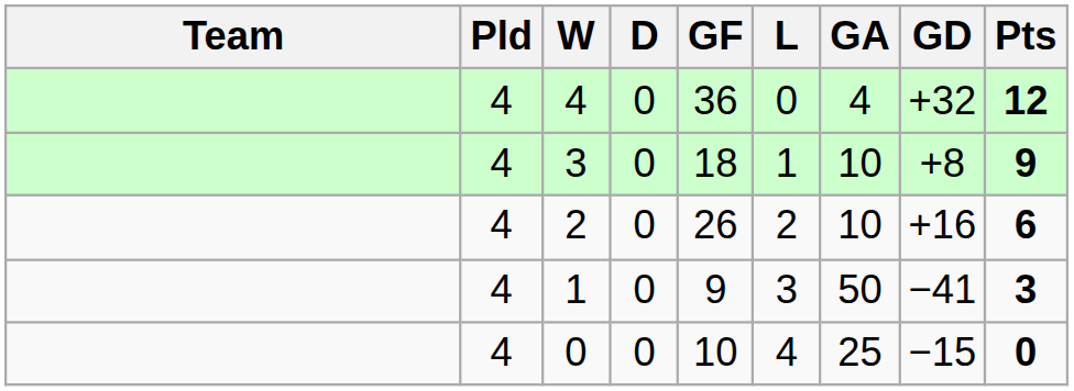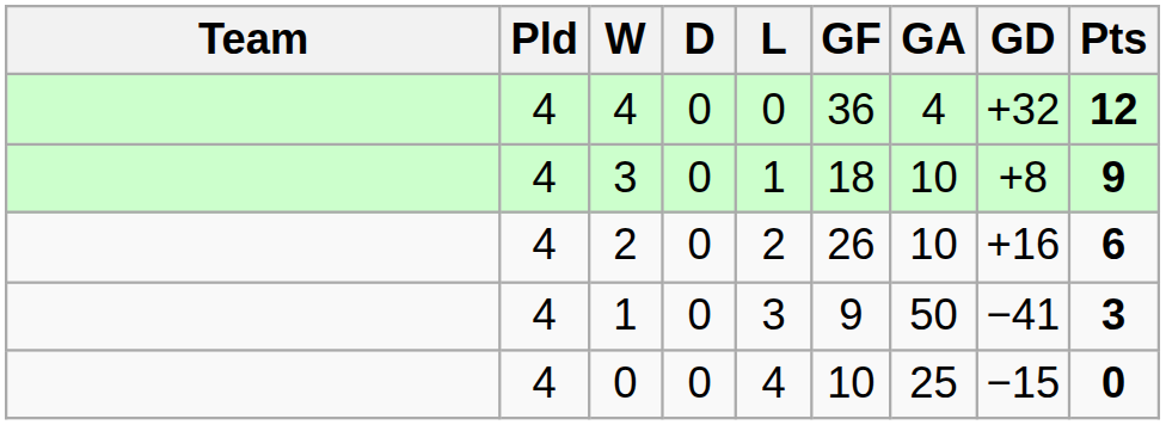 <table class="wikitable" style="text-align: center;">
 <tr>
 <th width="175">Team</th>
 <th width="20">Pld</th>
 <th width="20">W</th>
 <th width="20">D</th>
+<th width="20">L</th>
 <th width="20">GF</th>
-<th width="20">L</th>
 <th width="20">GA</th>
 <th width="20">GD</th>
 <th width="20">Pts</th>
 </tr>
 <tr bgcolor="#ccffcc">
 <td align=left></td>
 <td>4</td>
 <td>4</td>
 <td>0</td>
+<td>0</td>
 <td>36</td>
-<td>0</td>
 <td>4</td>
 <td>+32</td>
 <td><strong>12</strong></td>
 </tr>
 <tr bgcolor="#ccffcc">
 <td align=left></td>
 <td>4</td>
 <td>3</td>
 <td>0</td>
+<td>1</td>
 <td>18</td>
-<td>1</td>
 <td>10</td>
 <td>+8</td>
 <td><strong>9</strong></td>
 </tr>
 <tr>
 <td align=left></td>
 <td>4</td>
 <td>2</td>
 <td>0</td>
+<td>2</td>
 <td>26</td>
-<td>2</td>
 <td>10</td>
 <td>+16</td>
 <td><strong>6</strong></td>
 </tr>
 <tr>
 <td align=left></td>
 <td>4</td>
 <td>1</td>
 <td>0</td>
+<td>3</td>
 <td>9</td>
-<td>3</td>
 <td>50</td>
 <td>−41</td>
 <td><strong>3</strong></td>
 </tr>
 <tr>
 <td align=left></td>
 <td>4</td>
 <td>0</td>
 <td>0</td>
+<td>4</td>
 <td>10</td>
-<td>4</td>
 <td>25</td>
 <td>−15</td>
 <td><strong>0</strong></td>
 </tr>
 </table>
